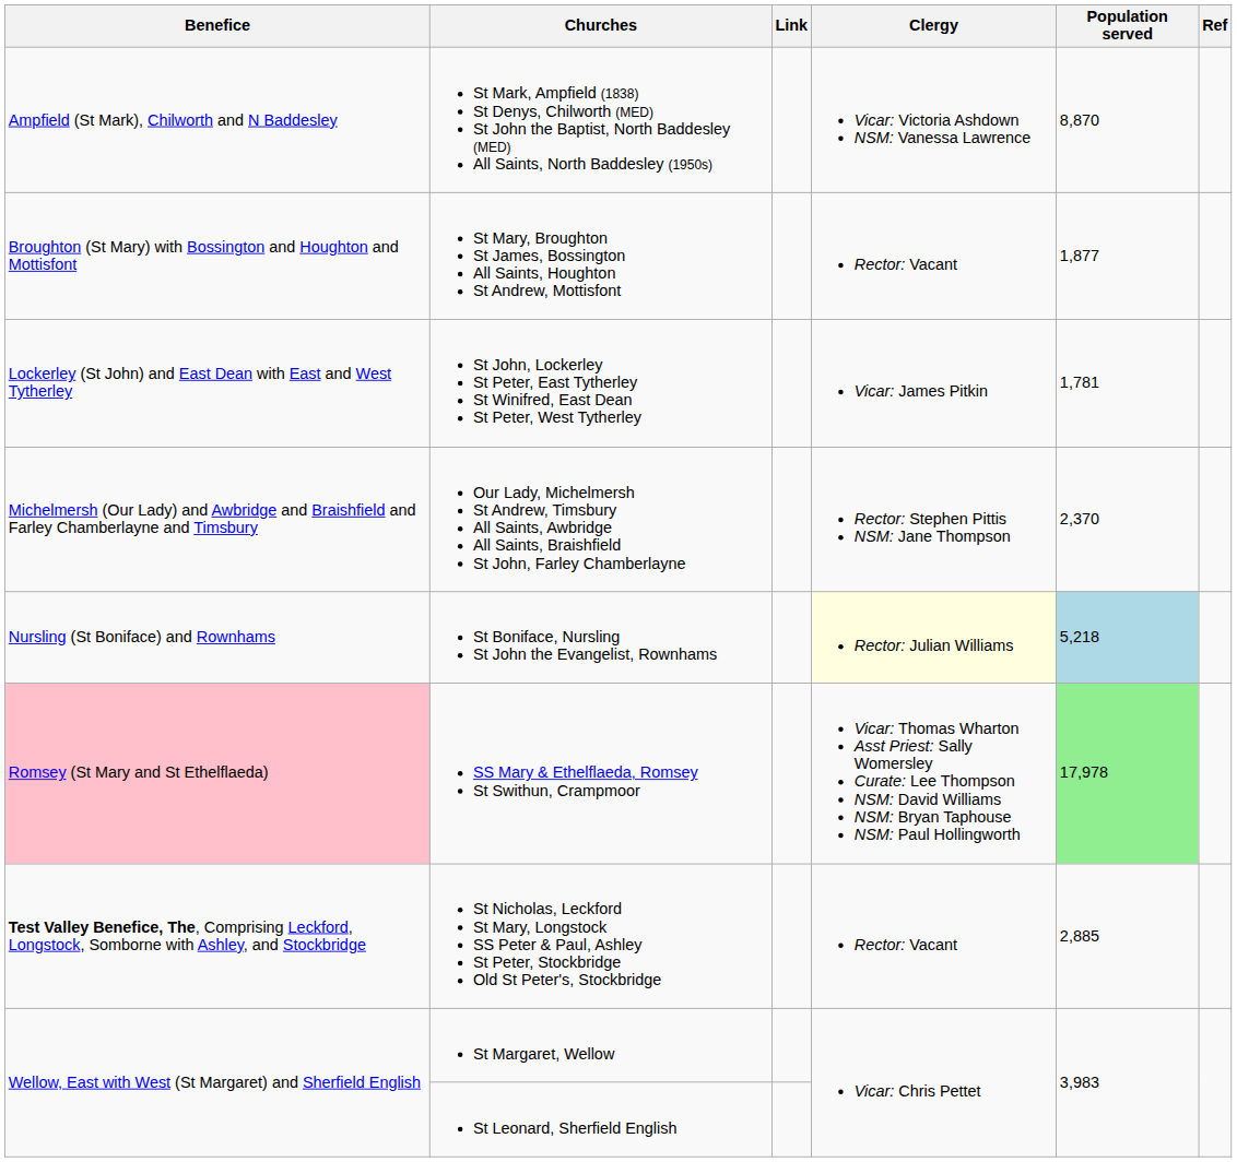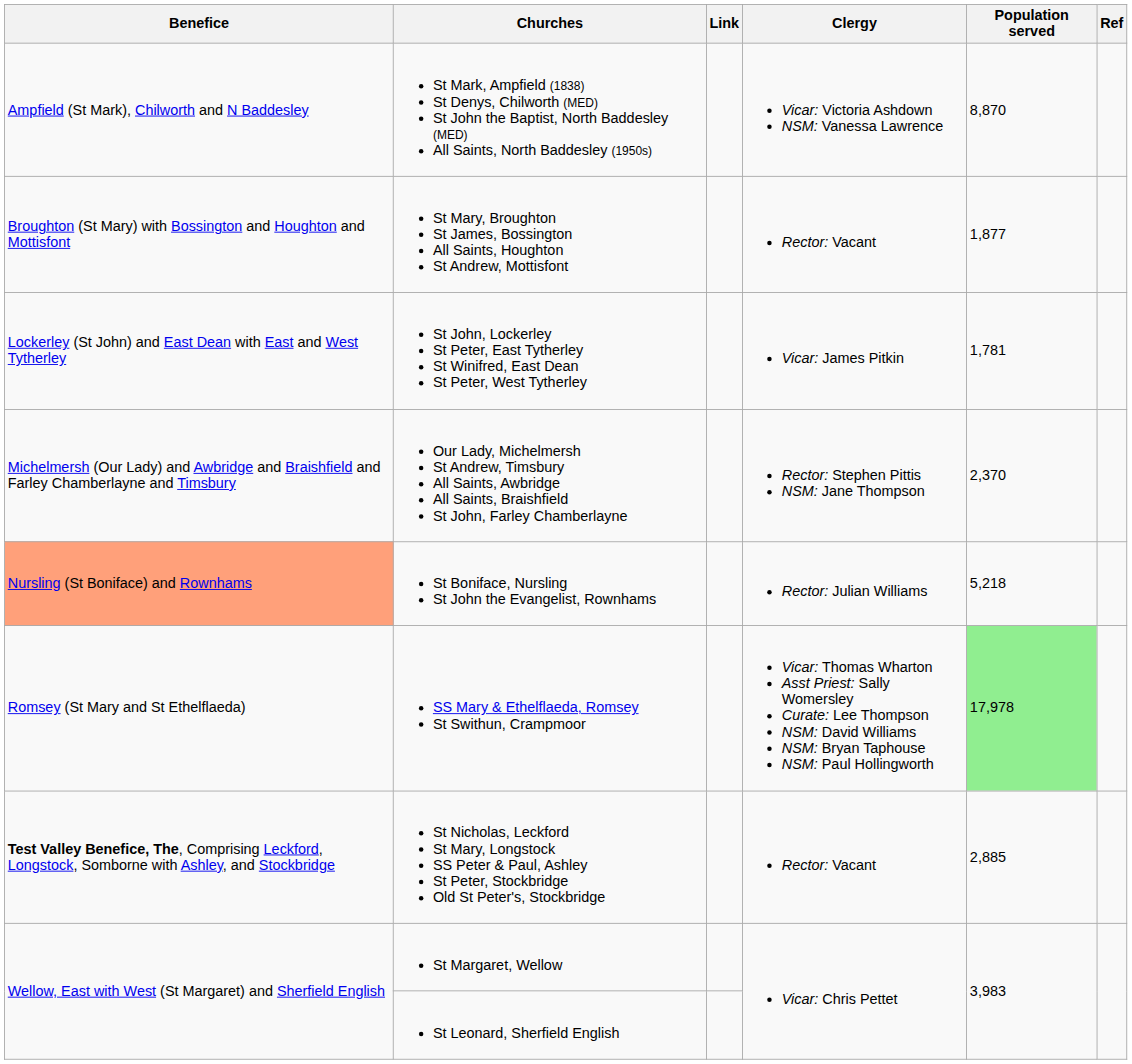 <table class="wikitable">
 <tr>
 <th style="width:425px;">Benefice</th>
 <th>Churches</th>
 <th>Link</th>
 <th>Clergy</th>
 <th>Population served</th>
 <th>Ref</th>
 </tr>
 <tr>
 <td><a href='#'>Ampfield</a> (St Mark), <a href='#'>Chilworth</a> and <a href='#'>N Baddesley</a></td>
 <td><br><ul><li>St Mark, Ampfield <small>(1838)</small></li><li>St Denys, Chilworth <small>(MED)</small></li><li>St John the Baptist, North Baddesley <small>(MED)</small></li><li>All Saints, North Baddesley <small>(1950s)</small></li></ul></td>
 <td></td>
 <td><br><ul><li><em>Vicar:</em> Victoria Ashdown</li><li><em>NSM:</em> Vanessa Lawrence</li></ul></td>
 <td>8,870</td>
 <td></td>
 </tr>
 <tr>
 <td><a href='#'>Broughton</a> (St Mary) with <a href='#'>Bossington</a> and <a href='#'>Houghton</a> and <a href='#'>Mottisfont</a></td>
 <td><br><ul><li>St Mary, Broughton</li><li>St James, Bossington</li><li>All Saints, Houghton</li><li>St Andrew, Mottisfont</li></ul></td>
 <td></td>
 <td><br><ul><li><em>Rector:</em> Vacant</li></ul></td>
 <td>1,877</td>
 <td></td>
 </tr>
 <tr>
 <td><a href='#'>Lockerley</a> (St John) and <a href='#'>East Dean</a> with <a href='#'>East</a> and <a href='#'>West Tytherley</a></td>
 <td><br><ul><li>St John, Lockerley</li><li>St Peter, East Tytherley</li><li>St Winifred, East Dean</li><li>St Peter, West Tytherley</li></ul></td>
 <td></td>
 <td><br><ul><li><em>Vicar:</em> James Pitkin</li></ul></td>
 <td>1,781</td>
 <td></td>
 </tr>
 <tr>
 <td><a href='#'>Michelmersh</a> (Our Lady) and <a href='#'>Awbridge</a> and <a href='#'>Braishfield</a> and Farley Chamberlayne and <a href='#'>Timsbury</a></td>
 <td><br><ul><li>Our Lady, Michelmersh</li><li>St Andrew, Timsbury</li><li>All Saints, Awbridge</li><li>All Saints, Braishfield</li><li>St John, Farley Chamberlayne</li></ul></td>
 <td></td>
 <td><br><ul><li><em>Rector:</em> Stephen Pittis</li><li><em>NSM:</em> Jane Thompson</li></ul></td>
 <td>2,370</td>
 <td></td>
 </tr>
 <tr>
-<td><a href='#'>Nursling</a> (St Boniface) and <a href='#'>Rownhams</a></td>
+<td style="background: lightsalmon;"><a href='#'>Nursling</a> (St Boniface) and <a href='#'>Rownhams</a></td>
 <td><br><ul><li>St Boniface, Nursling</li><li>St John the Evangelist, Rownhams</li></ul></td>
 <td></td>
-<td style="background: lightyellow;"><br><ul><li><em>Rector:</em> Julian Williams</li></ul></td>
-<td style="background: lightblue;">5,218</td>
+<td><br><ul><li><em>Rector:</em> Julian Williams</li></ul></td>
+<td>5,218</td>
 <td></td>
 </tr>
 <tr>
-<td style="background: pink;"><a href='#'>Romsey</a> (St Mary and St Ethelflaeda)</td>
+<td><a href='#'>Romsey</a> (St Mary and St Ethelflaeda)</td>
 <td><br><ul><li><a href='#'>SS Mary & Ethelflaeda, Romsey</a></li><li>St Swithun, Crampmoor</li></ul></td>
 <td></td>
 <td><br><ul><li><em>Vicar:</em> Thomas Wharton</li><li><em>Asst Priest:</em> Sally Womersley</li><li><em>Curate:</em> Lee Thompson</li><li><em>NSM:</em> David Williams</li><li><em>NSM:</em> Bryan Taphouse</li><li><em>NSM:</em> Paul Hollingworth</li></ul></td>
 <td style="background: lightgreen;">17,978</td>
 <td></td>
 </tr>
 <tr>
 <td><strong>Test Valley Benefice, The</strong>, Comprising <a href='#'>Leckford</a>, <a href='#'>Longstock</a>, Somborne with <a href='#'>Ashley</a>, and <a href='#'>Stockbridge</a></td>
 <td><br><ul><li>St Nicholas, Leckford</li><li>St Mary, Longstock</li><li>SS Peter & Paul, Ashley</li><li>St Peter, Stockbridge</li><li>Old St Peter's, Stockbridge</li></ul></td>
 <td></td>
 <td><br><ul><li><em>Rector:</em> Vacant</li></ul></td>
 <td>2,885</td>
 <td></td>
 </tr>
 <tr>
 <td rowspan="2"><a href='#'>Wellow, East with West</a> (St Margaret) and <a href='#'>Sherfield English</a></td>
 <td><br><ul><li>St Margaret, Wellow</li></ul></td>
 <td></td>
 <td rowspan="2"><br><ul><li><em>Vicar:</em> Chris Pettet</li></ul></td>
 <td rowspan="2">3,983</td>
 <td rowspan="2"></td>
 </tr>
 <tr>
 <td><br><ul><li>St Leonard, Sherfield English</li></ul></td>
 <td></td>
 </tr>
 </table>
